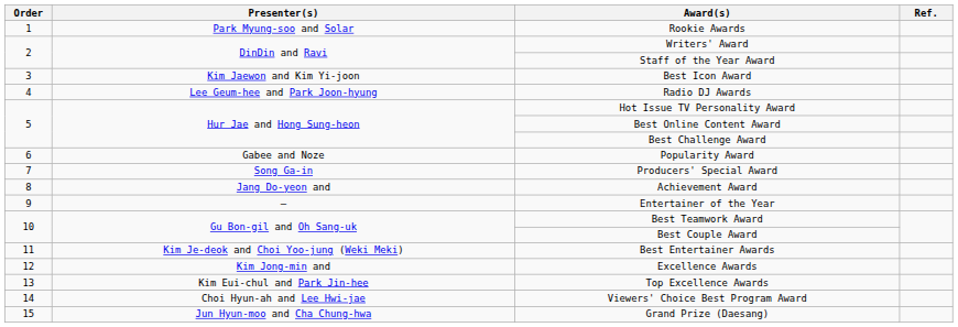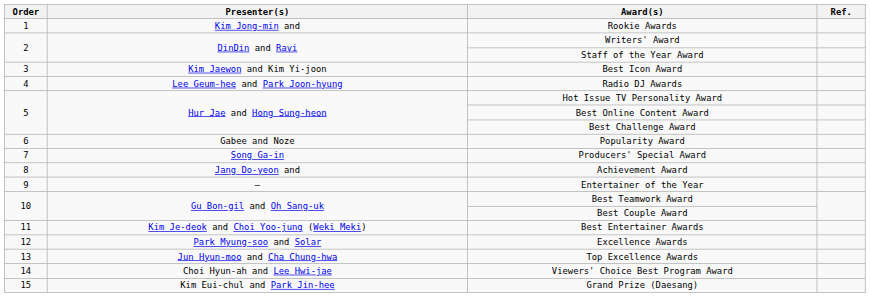 <table class="wikitable" style="text-align:center; width:80%;">
 <tr>
 <th scope="col" width="5%">Order</th>
 <th scope="col">Presenter(s)</th>
 <th scope="col">Award(s)</th>
 <th>Ref.</th>
 </tr>
 <tr>
 <td scope="col">1</td>
-<td><a href='#'>Park Myung-soo</a> and <a href='#'>Solar</a></td>
+<td><a href='#'>Kim Jong-min</a> and </td>
 <td>Rookie Awards</td>
 <td></td>
 </tr>
 <tr>
 <td rowspan=2>2</td>
 <td rowspan=2><a href='#'>DinDin</a> and <a href='#'>Ravi</a></td>
 <td>Writers' Award</td>
 <td></td>
 </tr>
 <tr>
 <td>Staff of the Year Award</td>
 <td></td>
 </tr>
 <tr>
 <td>3</td>
 <td><a href='#'>Kim Jaewon</a> and Kim Yi-joon</td>
 <td>Best Icon Award</td>
 <td></td>
 </tr>
 <tr>
 <td>4</td>
 <td><a href='#'>Lee Geum-hee</a> and <a href='#'>Park Joon-hyung</a></td>
 <td>Radio DJ Awards</td>
 <td></td>
 </tr>
 <tr>
 <td rowspan=3>5</td>
 <td rowspan=3><a href='#'>Hur Jae</a> and <a href='#'>Hong Sung-heon</a></td>
 <td>Hot Issue TV Personality Award</td>
 <td></td>
 </tr>
 <tr>
 <td>Best Online Content Award</td>
 <td></td>
 </tr>
 <tr>
 <td>Best Challenge Award</td>
 <td></td>
 </tr>
 <tr>
 <td>6</td>
 <td>Gabee and Noze</td>
 <td>Popularity Award</td>
 <td></td>
 </tr>
 <tr>
 <td>7</td>
 <td><a href='#'>Song Ga-in</a></td>
 <td>Producers' Special Award</td>
 <td></td>
 </tr>
 <tr>
 <td>8</td>
 <td><a href='#'>Jang Do-yeon</a> and </td>
 <td>Achievement Award</td>
 <td></td>
 </tr>
 <tr>
 <td>9</td>
 <td>–</td>
 <td>Entertainer of the Year</td>
 <td></td>
 </tr>
 <tr>
 <td rowspan=2>10</td>
 <td rowspan=2><a href='#'>Gu Bon-gil</a> and <a href='#'>Oh Sang-uk</a></td>
 <td>Best Teamwork Award</td>
 <td rowspan=2></td>
 </tr>
 <tr>
 <td>Best Couple Award</td>
 </tr>
 <tr>
 <td>11</td>
 <td><a href='#'>Kim Je-deok</a> and <a href='#'>Choi Yoo-jung</a> (<a href='#'>Weki Meki</a>)</td>
 <td>Best Entertainer Awards</td>
 <td></td>
 </tr>
 <tr>
 <td>12</td>
-<td><a href='#'>Kim Jong-min</a> and </td>
+<td><a href='#'>Park Myung-soo</a> and <a href='#'>Solar</a></td>
 <td>Excellence Awards</td>
 <td></td>
 </tr>
 <tr>
 <td>13</td>
-<td>Kim Eui-chul and <a href='#'>Park Jin-hee</a></td>
+<td><a href='#'>Jun Hyun-moo</a> and <a href='#'>Cha Chung-hwa</a></td>
 <td>Top Excellence Awards</td>
 <td></td>
 </tr>
 <tr>
 <td>14</td>
 <td>Choi Hyun-ah and <a href='#'>Lee Hwi-jae</a></td>
 <td>Viewers' Choice Best Program Award</td>
 <td></td>
 </tr>
 <tr>
 <td>15</td>
-<td><a href='#'>Jun Hyun-moo</a> and <a href='#'>Cha Chung-hwa</a></td>
+<td>Kim Eui-chul and <a href='#'>Park Jin-hee</a></td>
 <td>Grand Prize (Daesang)</td>
 <td></td>
 </tr>
 </table>
